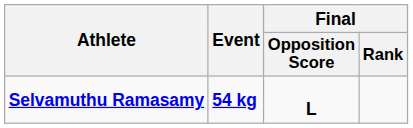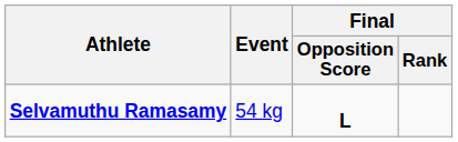 <table class=wikitable style="font-size:90%">
 <tr>
 <th rowspan=2>Athlete</th>
 <th rowspan=2>Event</th>
 <th colspan=2>Final</th>
 </tr>
 <tr style="font-size:95%">
 <th>Opposition<br>Score</th>
 <th>Rank</th>
 </tr>
 <tr align=center>
 <td align=left><strong><a href='#'>Selvamuthu Ramasamy</a></strong></td>
-<td align=left><strong><a href='#'>54 kg</a></strong></td>
+<td align=left><a href='#'>54 kg</a></td>
 <td><br><strong>L</strong></td>
 <td></td>
 </tr>
 </table>
